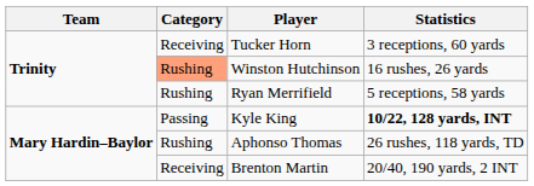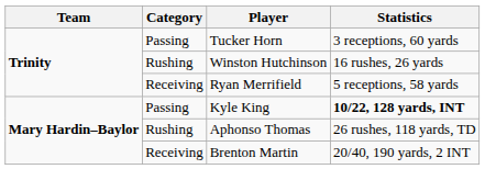 <table class="wikitable" style="float: right;">
 <tr>
 <th>Team</th>
 <th>Category</th>
 <th>Player</th>
 <th>Statistics</th>
 </tr>
 <tr>
 <td rowspan=3><strong>Trinity</strong></td>
-<td>Receiving</td>
+<td>Passing</td>
 <td>Tucker Horn</td>
 <td>3 receptions, 60 yards</td>
 </tr>
 <tr>
-<td style="background: lightsalmon;">Rushing</td>
+<td>Rushing</td>
 <td>Winston Hutchinson</td>
 <td>16 rushes, 26 yards</td>
 </tr>
 <tr>
-<td>Rushing</td>
+<td>Receiving</td>
 <td>Ryan Merrifield</td>
 <td>5 receptions, 58 yards</td>
 </tr>
 <tr>
 <td rowspan=3><strong>Mary Hardin–Baylor</strong></td>
 <td>Passing</td>
 <td>Kyle King</td>
 <td><strong>10/22, 128 yards, INT</strong></td>
 </tr>
 <tr>
 <td>Rushing</td>
 <td>Aphonso Thomas</td>
 <td>26 rushes, 118 yards, TD</td>
 </tr>
 <tr>
 <td>Receiving</td>
 <td>Brenton Martin</td>
 <td>20/40, 190 yards, 2 INT</td>
 </tr>
 </table>
